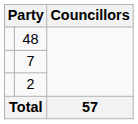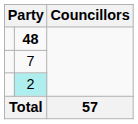 <table class="wikitable">
 <tr>
 <th colspan=2>Party</th>
 <th>Councillors</th>
 </tr>
 <tr>
 <td></td>
-<td align=center>48</td>
+<td align=center><strong>48</strong></td>
 </tr>
 <tr>
 <td></td>
 <td align=center>7</td>
 </tr>
 <tr>
 <td></td>
-<td align=center>2</td>
+<td align=center style="background: paleturquoise;">2</td>
 </tr>
 <tr>
 <th colspan=2>Total</th>
 <th align=center>57</th>
 </tr>
 </table>
